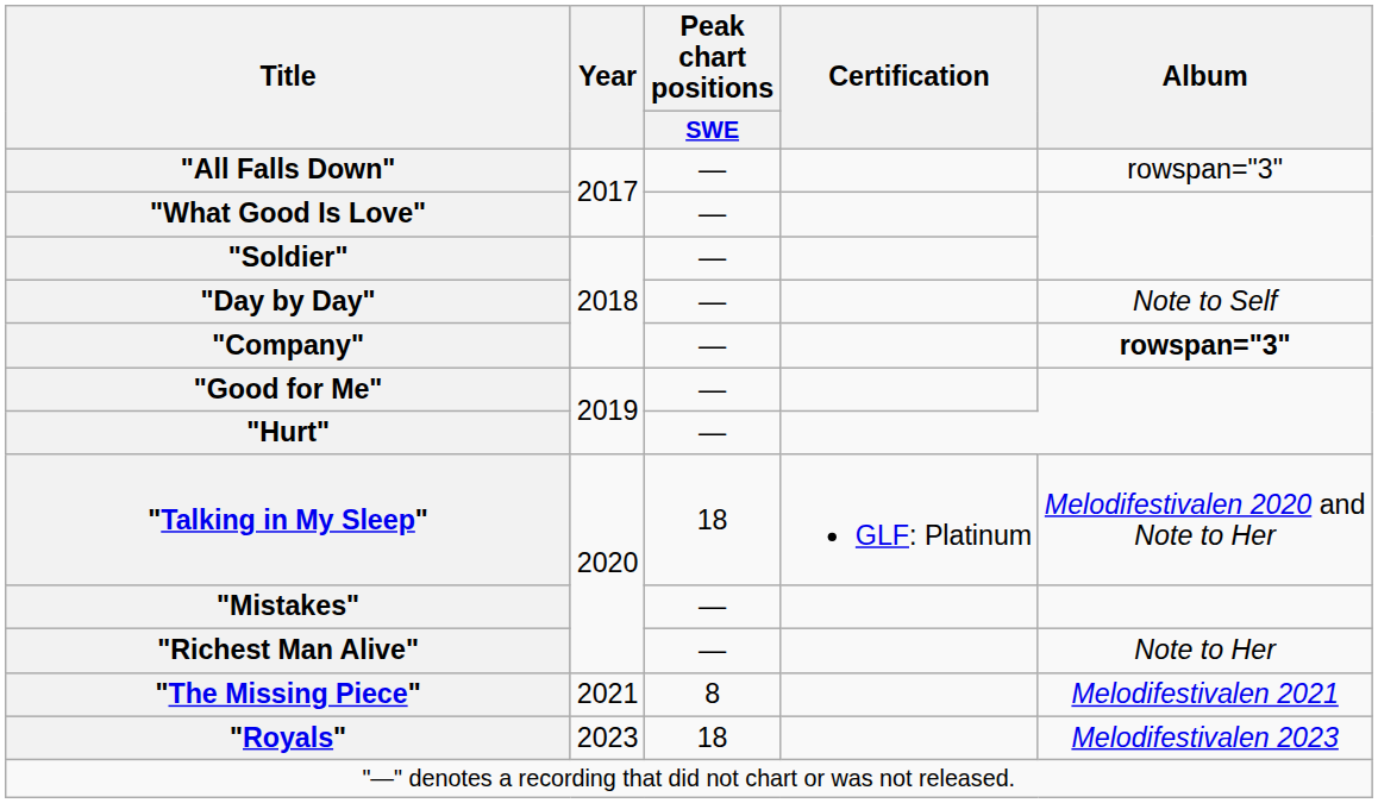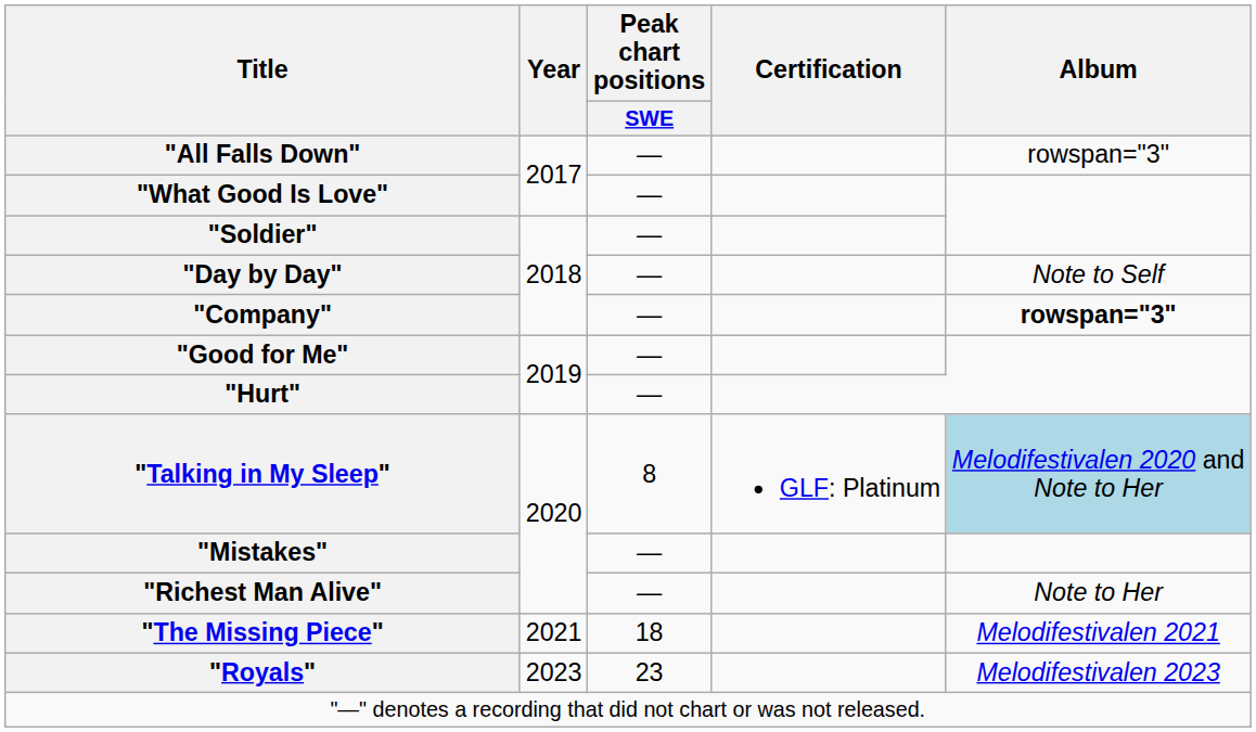 <table class="wikitable plainrowheaders" style="text-align:center;">
 <tr>
 <th scope="col" rowspan="2" style="width:20em;">Title</th>
 <th scope="col" rowspan="2" style="width:1em;">Year</th>
 <th scope="col" colspan="1">Peak chart positions</th>
 <th scope="col" rowspan="2">Certification</th>
 <th scope="col" rowspan="2">Album</th>
 </tr>
 <tr>
 <th scope="col" style="width:3em;font-size:85%;"><a href='#'>SWE</a><br></th>
 </tr>
 <tr>
 <th scope="row">"All Falls Down"</th>
 <td rowspan="2">2017</td>
 <td>—</td>
 <td></td>
 <td>rowspan="3" </td>
 </tr>
 <tr>
 <th scope="row">"What Good Is Love"</th>
 <td>—</td>
 <td></td>
 </tr>
 <tr>
 <th scope="row">"Soldier"</th>
 <td rowspan="3">2018</td>
 <td>—</td>
 <td></td>
 </tr>
 <tr>
 <th scope="row">"Day by Day"</th>
 <td>—</td>
 <td></td>
 <td><em>Note to Self</em></td>
 </tr>
 <tr>
 <th scope="row">"Company"<br></th>
 <td>—</td>
 <td></td>
 <td><strong>rowspan="3" </strong></td>
 </tr>
 <tr>
 <th scope="row">"Good for Me"</th>
 <td rowspan="2">2019</td>
 <td>—</td>
 <td></td>
 </tr>
 <tr>
 <th scope="row">"Hurt"</th>
 <td>—</td>
 </tr>
 <tr>
 <th scope="row">"<a href='#'>Talking in My Sleep</a>"</th>
 <td rowspan="3">2020</td>
-<td>18</td>
+<td>8</td>
 <td><br><ul><li><a href='#'>GLF</a>: Platinum</li></ul></td>
-<td><em><a href='#'>Melodifestivalen 2020</a></em> and <br><em>Note to Her</em></td>
+<td style="background: lightblue;"><em><a href='#'>Melodifestivalen 2020</a></em> and <br><em>Note to Her</em></td>
 </tr>
 <tr>
 <th scope="row">"Mistakes"</th>
 <td>—</td>
 <td></td>
 <td></td>
 </tr>
 <tr>
 <th scope="row">"Richest Man Alive"</th>
 <td>—</td>
 <td></td>
 <td><em>Note to Her</em></td>
 </tr>
 <tr>
 <th scope="row">"<a href='#'>The Missing Piece</a>"</th>
 <td>2021</td>
-<td>8</td>
+<td>18</td>
 <td></td>
 <td><em><a href='#'>Melodifestivalen 2021</a></em></td>
 </tr>
 <tr>
 <th scope="row">"<a href='#'>Royals</a>"</th>
 <td>2023</td>
-<td>18</td>
+<td>23<br></td>
 <td></td>
 <td><em><a href='#'>Melodifestivalen 2023</a></em></td>
 </tr>
 <tr>
 <td colspan="20" style="font-size:85%;">"—" denotes a recording that did not chart or was not released.</td>
 </tr>
 </table>
